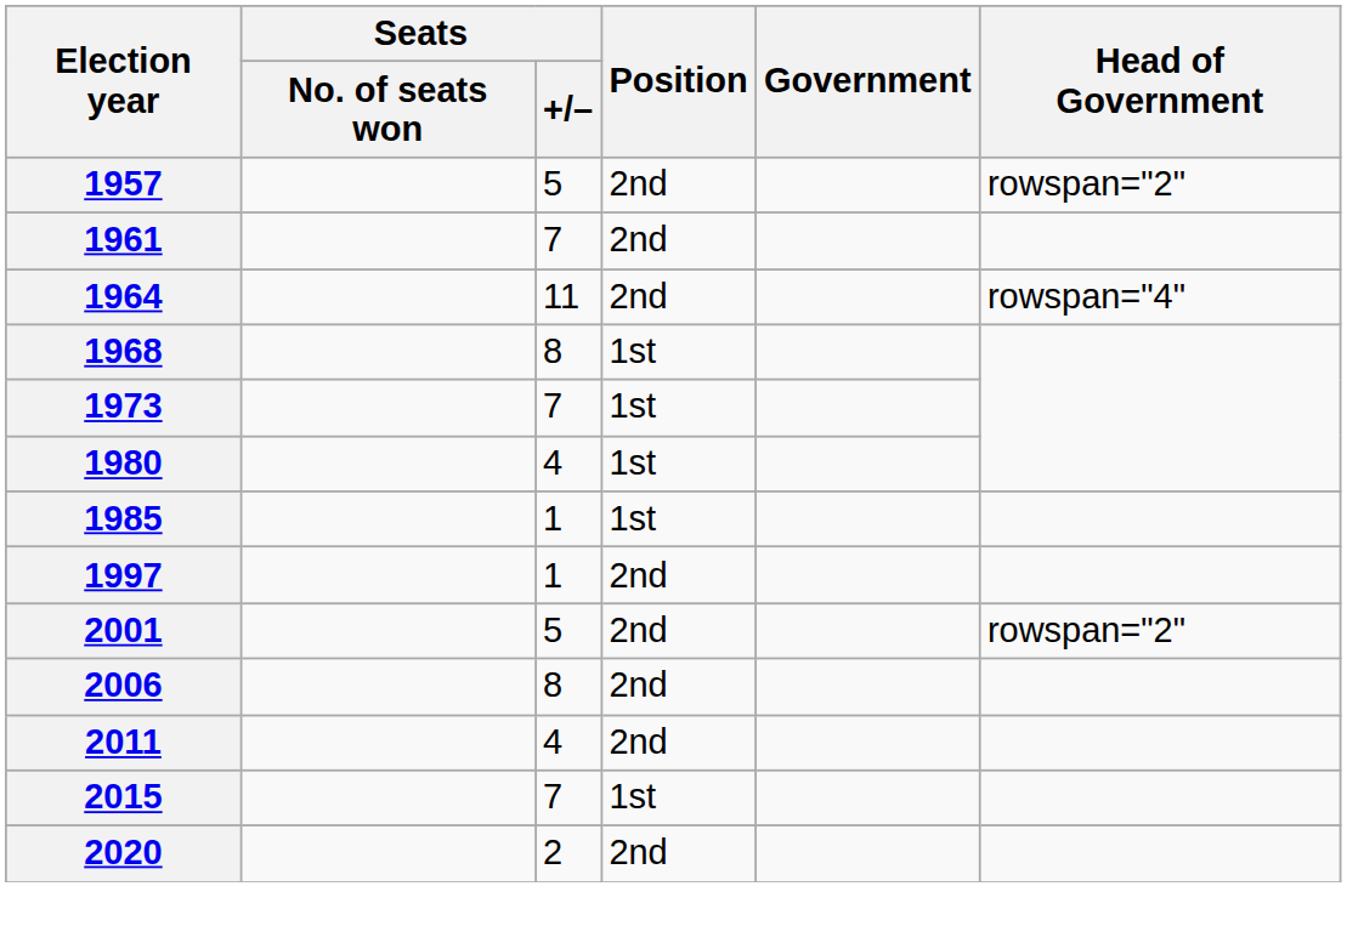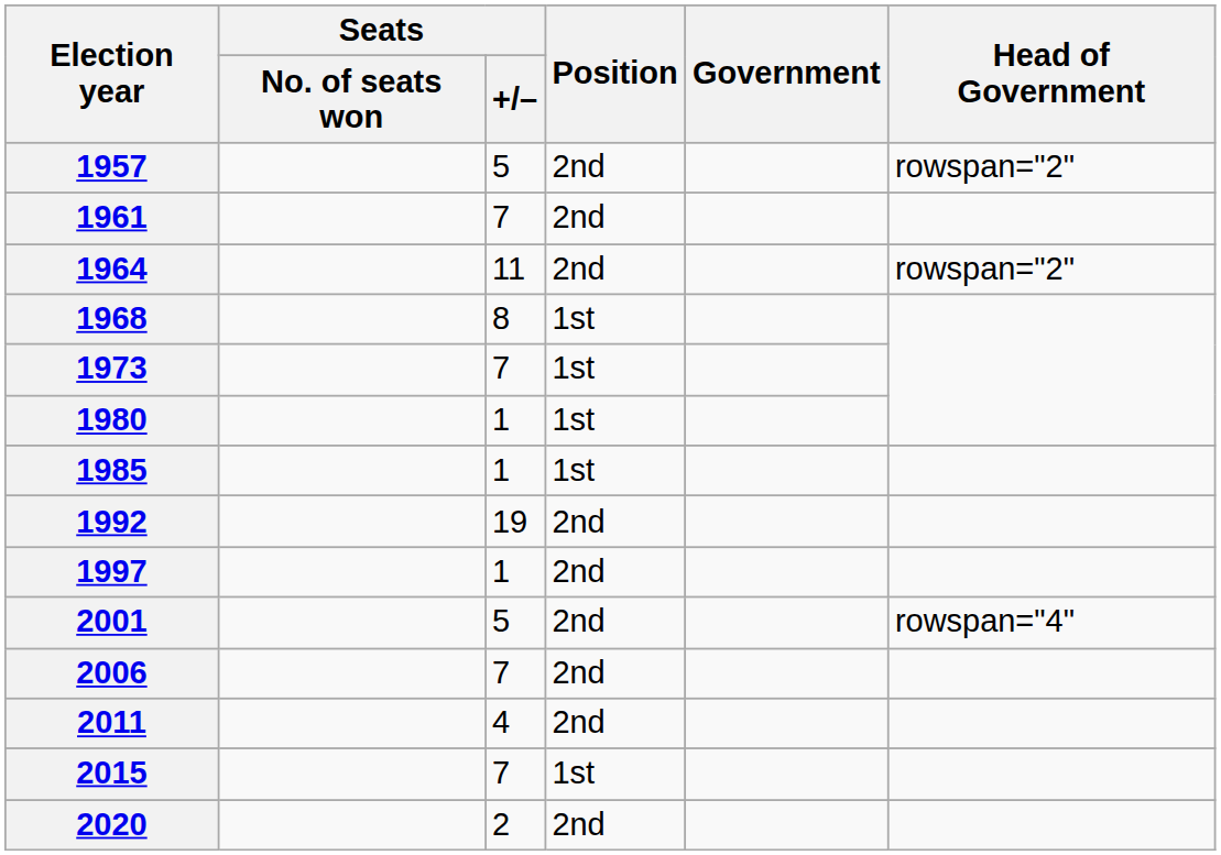 <table class="wikitable sortable">
 <tr>
 <th rowspan="2">Election year</th>
 <th colspan="2">Seats</th>
 <th rowspan="2">Position</th>
 <th rowspan="2">Government</th>
 <th rowspan="2">Head of Government</th>
 </tr>
 <tr>
 <th>No. of seats won</th>
 <th>+/–</th>
 </tr>
 <tr>
 <th><a href='#'>1957</a></th>
 <td></td>
 <td> 5</td>
 <td>2nd</td>
 <td></td>
 <td>rowspan="2" </td>
 </tr>
 <tr>
 <th><a href='#'>1961</a></th>
 <td></td>
 <td> 7</td>
 <td>2nd</td>
 <td></td>
 </tr>
 <tr>
 <th><a href='#'>1964</a></th>
 <td></td>
 <td> 11</td>
 <td>2nd</td>
 <td></td>
-<td>rowspan="4" </td>
+<td>rowspan="2" </td>
 </tr>
 <tr>
 <th><a href='#'>1968</a></th>
 <td></td>
 <td> 8</td>
 <td>1st</td>
 <td></td>
 </tr>
 <tr>
 <th><a href='#'>1973</a></th>
 <td></td>
 <td> 7</td>
 <td>1st</td>
 <td></td>
 </tr>
 <tr>
 <th><a href='#'>1980</a></th>
 <td></td>
-<td> 4</td>
+<td> 1</td>
 <td>1st</td>
 <td></td>
 </tr>
 <tr>
 <th><a href='#'>1985</a></th>
 <td></td>
 <td> 1</td>
 <td>1st</td>
+<td></td>
+<td></td>
+</tr>
+<tr>
+<th><a href='#'>1992</a></th>
+<td></td>
+<td> 19</td>
+<td>2nd</td>
 <td></td>
 <td></td>
 </tr>
 <tr>
 <th><a href='#'>1997</a></th>
 <td></td>
 <td> 1</td>
 <td>2nd</td>
 <td></td>
 <td></td>
 </tr>
 <tr>
 <th><a href='#'>2001</a></th>
 <td></td>
 <td> 5</td>
 <td>2nd</td>
 <td></td>
-<td>rowspan="2" </td>
+<td>rowspan="4" </td>
 </tr>
 <tr>
 <th><a href='#'>2006</a></th>
 <td></td>
-<td> 8</td>
+<td> 7</td>
 <td>2nd</td>
 <td></td>
 </tr>
 <tr>
 <th><a href='#'>2011</a></th>
 <td></td>
 <td> 4</td>
 <td>2nd</td>
 <td></td>
 <td></td>
 </tr>
 <tr>
 <th><a href='#'>2015</a></th>
 <td></td>
 <td> 7</td>
 <td>1st</td>
 <td></td>
 <td></td>
 </tr>
 <tr>
 <th><a href='#'>2020</a></th>
 <td></td>
 <td> 2</td>
 <td>2nd</td>
 <td></td>
 <td></td>
 </tr>
 </table>
